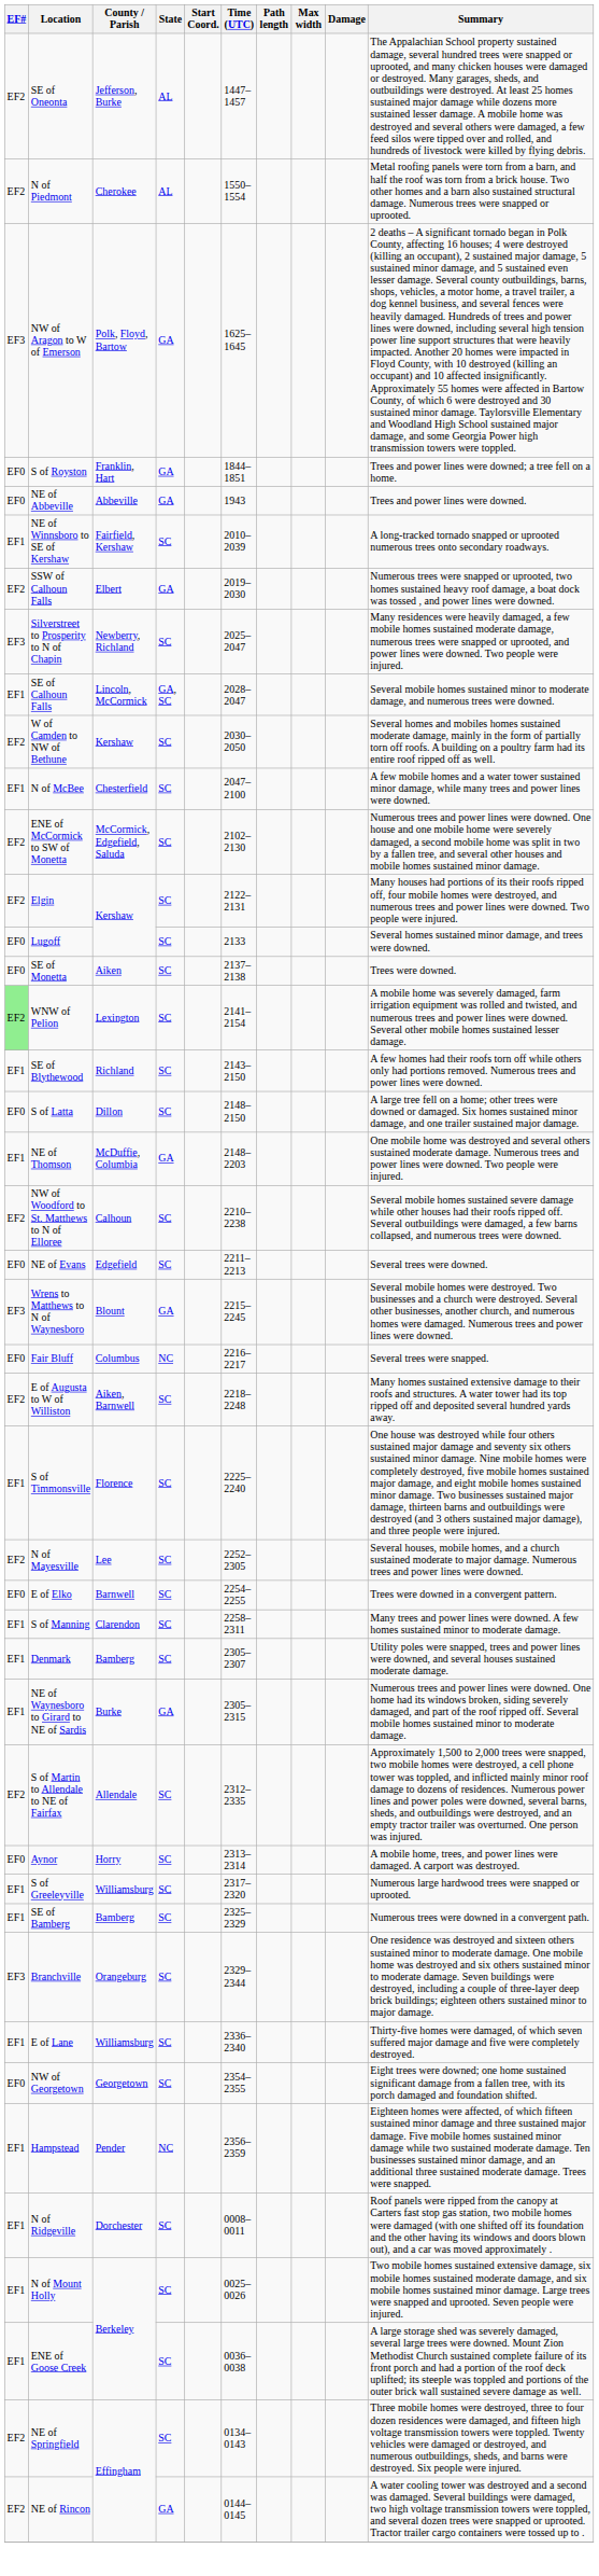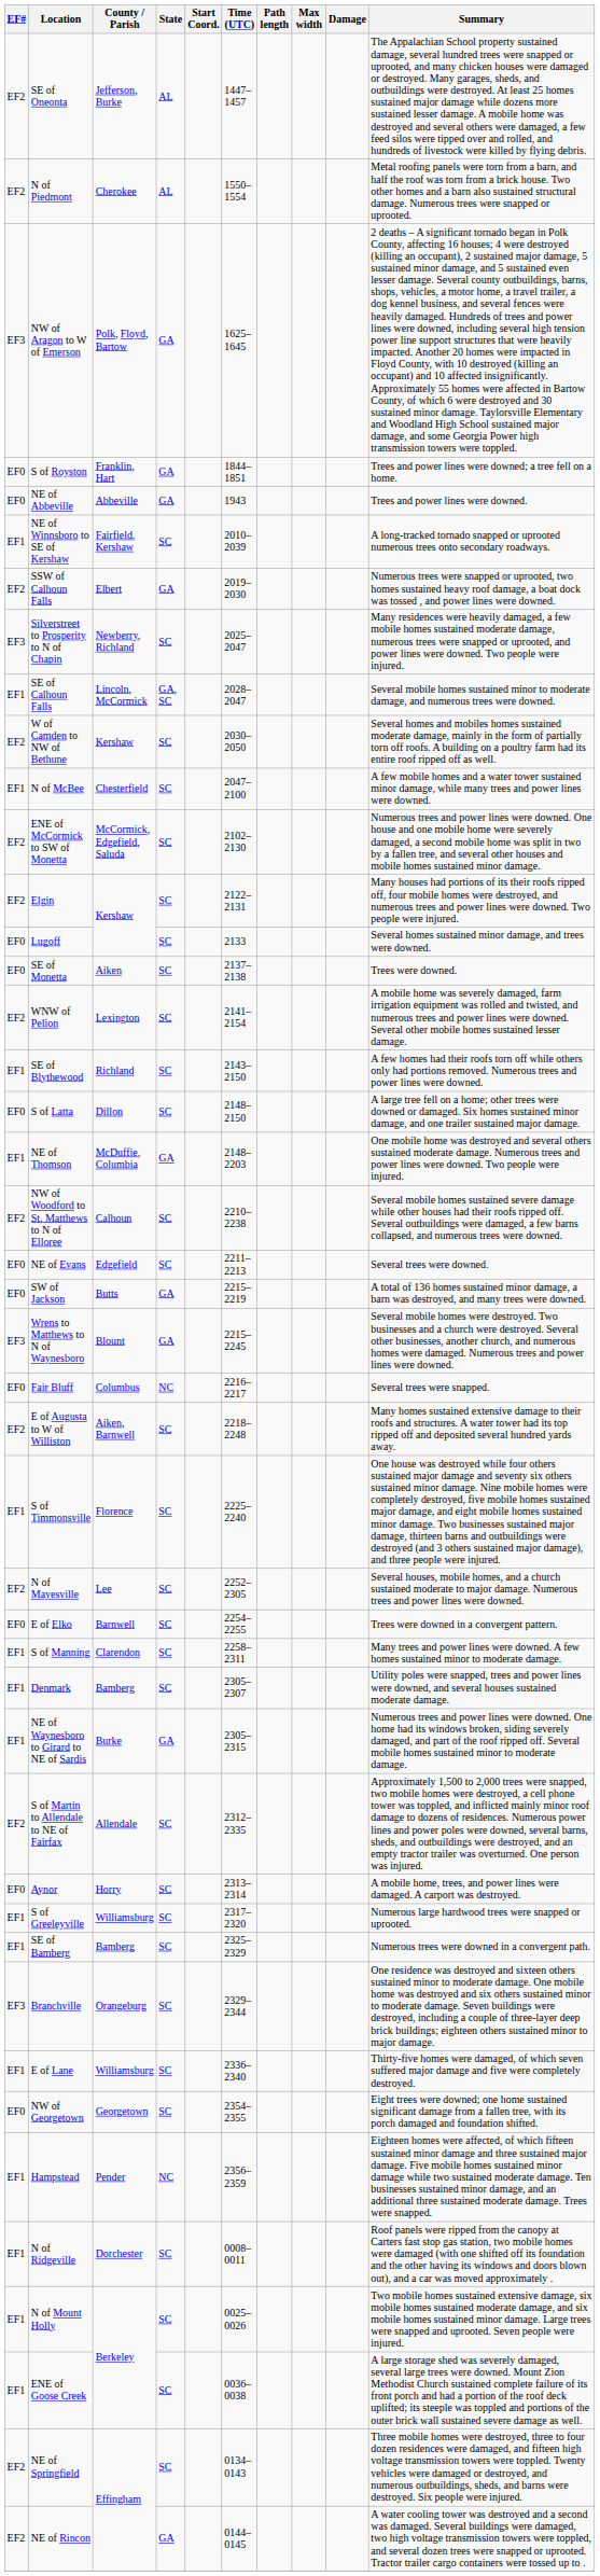 <table class="wikitable sortable" style="width:100%;">
 <tr>
 <th scope="col" width="3%" align="center"><a href='#'>EF#</a></th>
 <th scope="col" width="7%" align="center" class="unsortable">Location</th>
 <th scope="col" width="6%" align="center" class="unsortable">County / Parish</th>
 <th scope="col" width="5%" align="center">State</th>
 <th scope="col" width="6%" align="center">Start Coord.</th>
 <th scope="col" width="6%" align="center">Time (<a href='#'>UTC</a>)</th>
 <th scope="col" width="6%" align="center">Path length</th>
 <th scope="col" width="6%" align="center">Max width</th>
 <th scope="col" width="6%" align="center">Damage</th>
 <th scope="col" width="48%" class="unsortable" align="center">Summary</th>
 </tr>
 <tr>
 <td>EF2</td>
 <td>SE of <a href='#'>Oneonta</a></td>
 <td><a href='#'>Jefferson</a>, <a href='#'>Burke</a></td>
 <td><a href='#'>AL</a></td>
 <td></td>
 <td>1447–1457</td>
 <td></td>
 <td></td>
 <td></td>
 <td>The Appalachian School property sustained damage, several hundred trees were snapped or uprooted, and many chicken houses were damaged or destroyed. Many garages, sheds, and outbuildings were destroyed. At least 25 homes sustained major damage while dozens more sustained lesser damage. A mobile home was destroyed and several others were damaged, a few feed silos were tipped over and rolled, and hundreds of livestock were killed by flying debris.</td>
 </tr>
 <tr>
 <td>EF2</td>
 <td>N of <a href='#'>Piedmont</a></td>
 <td><a href='#'>Cherokee</a></td>
 <td><a href='#'>AL</a></td>
 <td></td>
 <td>1550–1554</td>
 <td></td>
 <td></td>
 <td></td>
 <td>Metal roofing panels were torn from a barn, and half the roof was torn from a brick house. Two other homes and a barn also sustained structural damage. Numerous trees were snapped or uprooted.</td>
 </tr>
 <tr>
 <td>EF3</td>
 <td>NW of <a href='#'>Aragon</a> to W of <a href='#'>Emerson</a></td>
 <td><a href='#'>Polk</a>, <a href='#'>Floyd</a>, <a href='#'>Bartow</a></td>
 <td><a href='#'>GA</a></td>
 <td></td>
 <td>1625–1645</td>
 <td></td>
 <td></td>
 <td></td>
 <td>2 deaths – A significant tornado began in Polk County, affecting 16 houses; 4 were destroyed (killing an occupant), 2 sustained major damage, 5 sustained minor damage, and 5 sustained even lesser damage. Several county outbuildings, barns, shops, vehicles, a motor home, a travel trailer, a dog kennel business, and several fences were heavily damaged. Hundreds of trees and power lines were downed, including several high tension power line support structures that were heavily impacted. Another 20 homes were impacted in Floyd County, with 10 destroyed (killing an occupant) and 10 affected insignificantly. Approximately 55 homes were affected in Bartow County, of which 6 were destroyed and 30 sustained minor damage. Taylorsville Elementary and Woodland High School sustained major damage, and some Georgia Power high transmission towers were toppled.</td>
 </tr>
 <tr>
 <td>EF0</td>
 <td>S of <a href='#'>Royston</a></td>
 <td><a href='#'>Franklin</a>, <a href='#'>Hart</a></td>
 <td><a href='#'>GA</a></td>
 <td></td>
 <td>1844–1851</td>
 <td></td>
 <td></td>
 <td></td>
 <td>Trees and power lines were downed; a tree fell on a home.</td>
 </tr>
 <tr>
 <td>EF0</td>
 <td>NE of <a href='#'>Abbeville</a></td>
 <td><a href='#'>Abbeville</a></td>
 <td><a href='#'>GA</a></td>
 <td></td>
 <td>1943</td>
 <td></td>
 <td></td>
 <td></td>
 <td>Trees and power lines were downed.</td>
 </tr>
 <tr>
 <td>EF1</td>
 <td>NE of <a href='#'>Winnsboro</a> to SE of <a href='#'>Kershaw</a></td>
 <td><a href='#'>Fairfield</a>, <a href='#'>Kershaw</a></td>
 <td><a href='#'>SC</a></td>
 <td></td>
 <td>2010–2039</td>
 <td></td>
 <td></td>
 <td></td>
 <td>A long-tracked tornado snapped or uprooted numerous trees onto secondary roadways.</td>
 </tr>
 <tr>
 <td>EF2</td>
 <td>SSW of <a href='#'>Calhoun Falls</a></td>
 <td><a href='#'>Elbert</a></td>
 <td><a href='#'>GA</a></td>
 <td></td>
 <td>2019–2030</td>
 <td></td>
 <td></td>
 <td></td>
 <td>Numerous trees were snapped or uprooted, two homes sustained heavy roof damage, a boat dock was tossed , and power lines were downed.</td>
 </tr>
 <tr>
 <td>EF3</td>
 <td><a href='#'>Silverstreet</a> to <a href='#'>Prosperity</a> to N of <a href='#'>Chapin</a></td>
 <td><a href='#'>Newberry</a>, <a href='#'>Richland</a></td>
 <td><a href='#'>SC</a></td>
 <td></td>
 <td>2025–2047</td>
 <td></td>
 <td></td>
 <td></td>
 <td>Many residences were heavily damaged, a few mobile homes sustained moderate damage, numerous trees were snapped or uprooted, and power lines were downed. Two people were injured.</td>
 </tr>
 <tr>
 <td>EF1</td>
 <td>SE of <a href='#'>Calhoun Falls</a></td>
 <td><a href='#'>Lincoln</a>, <a href='#'>McCormick</a></td>
 <td><a href='#'>GA</a>, <a href='#'>SC</a></td>
 <td></td>
 <td>2028–2047</td>
 <td></td>
 <td></td>
 <td></td>
 <td>Several mobile homes sustained minor to moderate damage, and numerous trees were downed.</td>
 </tr>
 <tr>
 <td>EF2</td>
 <td>W of <a href='#'>Camden</a> to NW of <a href='#'>Bethune</a></td>
 <td><a href='#'>Kershaw</a></td>
 <td><a href='#'>SC</a></td>
 <td></td>
 <td>2030–2050</td>
 <td></td>
 <td></td>
 <td></td>
 <td>Several homes and mobiles homes sustained moderate damage, mainly in the form of partially torn off roofs. A building on a poultry farm had its entire roof ripped off as well.</td>
 </tr>
 <tr>
 <td>EF1</td>
 <td>N of <a href='#'>McBee</a></td>
 <td><a href='#'>Chesterfield</a></td>
 <td><a href='#'>SC</a></td>
 <td></td>
 <td>2047–2100</td>
 <td></td>
 <td></td>
 <td></td>
 <td>A few mobile homes and a water tower sustained minor damage, while many trees and power lines were downed.</td>
 </tr>
 <tr>
 <td>EF2</td>
 <td>ENE of <a href='#'>McCormick</a> to SW of <a href='#'>Monetta</a></td>
 <td><a href='#'>McCormick</a>, <a href='#'>Edgefield</a>, <a href='#'>Saluda</a></td>
 <td><a href='#'>SC</a></td>
 <td></td>
 <td>2102–2130</td>
 <td></td>
 <td></td>
 <td></td>
 <td>Numerous trees and power lines were downed. One house and one mobile home were severely damaged, a second mobile home was split in two by a fallen tree, and several other houses and mobile homes sustained minor damage.</td>
 </tr>
 <tr>
 <td>EF2</td>
 <td><a href='#'>Elgin</a></td>
 <td rowspan="2"><a href='#'>Kershaw</a></td>
 <td><a href='#'>SC</a></td>
 <td></td>
 <td>2122–2131</td>
 <td></td>
 <td></td>
 <td></td>
 <td>Many houses had portions of its their roofs ripped off, four mobile homes were destroyed, and numerous trees and power lines were downed. Two people were injured.</td>
 </tr>
 <tr>
 <td>EF0</td>
 <td><a href='#'>Lugoff</a></td>
 <td><a href='#'>SC</a></td>
 <td></td>
 <td>2133</td>
 <td></td>
 <td></td>
 <td></td>
 <td>Several homes sustained minor damage, and trees were downed.</td>
 </tr>
 <tr>
 <td>EF0</td>
 <td>SE of <a href='#'>Monetta</a></td>
 <td><a href='#'>Aiken</a></td>
 <td><a href='#'>SC</a></td>
 <td></td>
 <td>2137–2138</td>
 <td></td>
 <td></td>
 <td></td>
 <td>Trees were downed.</td>
 </tr>
 <tr>
-<td style="background: lightgreen;">EF2</td>
+<td>EF2</td>
 <td>WNW of <a href='#'>Pelion</a></td>
 <td><a href='#'>Lexington</a></td>
 <td><a href='#'>SC</a></td>
 <td></td>
 <td>2141–2154</td>
 <td></td>
 <td></td>
 <td></td>
 <td>A mobile home was severely damaged, farm irrigation equipment was rolled and twisted, and numerous trees and power lines were downed. Several other mobile homes sustained lesser damage.</td>
 </tr>
 <tr>
 <td>EF1</td>
 <td>SE of <a href='#'>Blythewood</a></td>
 <td><a href='#'>Richland</a></td>
 <td><a href='#'>SC</a></td>
 <td></td>
 <td>2143–2150</td>
 <td></td>
 <td></td>
 <td></td>
 <td>A few homes had their roofs torn off while others only had portions removed. Numerous trees and power lines were downed.</td>
 </tr>
 <tr>
 <td>EF0</td>
 <td>S of <a href='#'>Latta</a></td>
 <td><a href='#'>Dillon</a></td>
 <td><a href='#'>SC</a></td>
 <td></td>
 <td>2148–2150</td>
 <td></td>
 <td></td>
 <td></td>
 <td>A large tree fell on a home; other trees were downed or damaged. Six homes sustained minor damage, and one trailer sustained major damage.</td>
 </tr>
 <tr>
 <td>EF1</td>
 <td>NE of <a href='#'>Thomson</a></td>
 <td><a href='#'>McDuffie</a>, <a href='#'>Columbia</a></td>
 <td><a href='#'>GA</a></td>
 <td></td>
 <td>2148–2203</td>
 <td></td>
 <td></td>
 <td></td>
 <td>One mobile home was destroyed and several others sustained moderate damage. Numerous trees and power lines were downed. Two people were injured.</td>
 </tr>
 <tr>
 <td>EF2</td>
 <td>NW of <a href='#'>Woodford</a> to <a href='#'>St. Matthews</a> to N of <a href='#'>Elloree</a></td>
 <td><a href='#'>Calhoun</a></td>
 <td><a href='#'>SC</a></td>
 <td></td>
 <td>2210–2238</td>
 <td></td>
 <td></td>
 <td></td>
 <td>Several mobile homes sustained severe damage while other houses had their roofs ripped off. Several outbuildings were damaged, a few barns collapsed, and numerous trees were downed.</td>
 </tr>
 <tr>
 <td>EF0</td>
 <td>NE of <a href='#'>Evans</a></td>
 <td><a href='#'>Edgefield</a></td>
 <td><a href='#'>SC</a></td>
 <td></td>
 <td>2211–2213</td>
 <td></td>
 <td></td>
 <td></td>
 <td>Several trees were downed.</td>
+</tr>
+<tr>
+<td>EF0</td>
+<td>SW of <a href='#'>Jackson</a></td>
+<td><a href='#'>Butts</a></td>
+<td><a href='#'>GA</a></td>
+<td></td>
+<td>2215–2219</td>
+<td></td>
+<td></td>
+<td></td>
+<td>A total of 136 homes sustained minor damage, a barn was destroyed, and many trees were downed.</td>
 </tr>
 <tr>
 <td>EF3</td>
 <td><a href='#'>Wrens</a> to <a href='#'>Matthews</a> to N of <a href='#'>Waynesboro</a></td>
 <td><a href='#'>Blount</a></td>
 <td><a href='#'>GA</a></td>
 <td></td>
 <td>2215–2245</td>
 <td></td>
 <td></td>
 <td></td>
 <td>Several mobile homes were destroyed. Two businesses and a church were destroyed. Several other businesses, another church, and numerous homes were damaged. Numerous trees and power lines were downed.</td>
 </tr>
 <tr>
 <td>EF0</td>
 <td><a href='#'>Fair Bluff</a></td>
 <td><a href='#'>Columbus</a></td>
 <td><a href='#'>NC</a></td>
 <td></td>
 <td>2216–2217</td>
 <td></td>
 <td></td>
 <td></td>
 <td>Several trees were snapped.</td>
 </tr>
 <tr>
 <td>EF2</td>
 <td>E of <a href='#'>Augusta</a> to W of <a href='#'>Williston</a></td>
 <td><a href='#'>Aiken</a>, <a href='#'>Barnwell</a></td>
 <td><a href='#'>SC</a></td>
 <td></td>
 <td>2218–2248</td>
 <td></td>
 <td></td>
 <td></td>
 <td>Many homes sustained extensive damage to their roofs and structures. A water tower had its top ripped off and deposited several hundred yards away.</td>
 </tr>
 <tr>
 <td>EF1</td>
 <td>S of <a href='#'>Timmonsville</a></td>
 <td><a href='#'>Florence</a></td>
 <td><a href='#'>SC</a></td>
 <td></td>
 <td>2225–2240</td>
 <td></td>
 <td></td>
 <td></td>
 <td>One house was destroyed while four others sustained major damage and seventy six others sustained minor damage. Nine mobile homes were completely destroyed, five mobile homes sustained major damage, and eight mobile homes sustained minor damage. Two businesses sustained major damage, thirteen barns and outbuildings were destroyed (and 3 others sustained major damage), and three people were injured.</td>
 </tr>
 <tr>
 <td>EF2</td>
 <td>N of <a href='#'>Mayesville</a></td>
 <td><a href='#'>Lee</a></td>
 <td><a href='#'>SC</a></td>
 <td></td>
 <td>2252–2305</td>
 <td></td>
 <td></td>
 <td></td>
 <td>Several houses, mobile homes, and a church sustained moderate to major damage. Numerous trees and power lines were downed.</td>
 </tr>
 <tr>
 <td>EF0</td>
 <td>E of <a href='#'>Elko</a></td>
 <td><a href='#'>Barnwell</a></td>
 <td><a href='#'>SC</a></td>
 <td></td>
 <td>2254–2255</td>
 <td></td>
 <td></td>
 <td></td>
 <td>Trees were downed in a convergent pattern.</td>
 </tr>
 <tr>
 <td>EF1</td>
 <td>S of <a href='#'>Manning</a></td>
 <td><a href='#'>Clarendon</a></td>
 <td><a href='#'>SC</a></td>
 <td></td>
 <td>2258–2311</td>
 <td></td>
 <td></td>
 <td></td>
 <td>Many trees and power lines were downed. A few homes sustained minor to moderate damage.</td>
 </tr>
 <tr>
 <td>EF1</td>
 <td><a href='#'>Denmark</a></td>
 <td><a href='#'>Bamberg</a></td>
 <td><a href='#'>SC</a></td>
 <td></td>
 <td>2305–2307</td>
 <td></td>
 <td></td>
 <td></td>
 <td>Utility poles were snapped, trees and power lines were downed, and several houses sustained moderate damage.</td>
 </tr>
 <tr>
 <td>EF1</td>
 <td>NE of <a href='#'>Waynesboro</a> to <a href='#'>Girard</a> to NE of <a href='#'>Sardis</a></td>
 <td><a href='#'>Burke</a></td>
 <td><a href='#'>GA</a></td>
 <td></td>
 <td>2305–2315</td>
 <td></td>
 <td></td>
 <td></td>
 <td>Numerous trees and power lines were downed. One home had its windows broken, siding severely damaged, and part of the roof ripped off. Several mobile homes sustained minor to moderate damage.</td>
 </tr>
 <tr>
 <td>EF2</td>
 <td>S of <a href='#'>Martin</a> to <a href='#'>Allendale</a> to NE of <a href='#'>Fairfax</a></td>
 <td><a href='#'>Allendale</a></td>
 <td><a href='#'>SC</a></td>
 <td></td>
 <td>2312–2335</td>
 <td></td>
 <td></td>
 <td></td>
 <td>Approximately 1,500 to 2,000 trees were snapped, two mobile homes were destroyed, a cell phone tower was toppled, and inflicted mainly minor roof damage to dozens of residences. Numerous power lines and power poles were downed, several barns, sheds, and outbuildings were destroyed, and an empty tractor trailer was overturned. One person was injured.</td>
 </tr>
 <tr>
 <td>EF0</td>
 <td><a href='#'>Aynor</a></td>
 <td><a href='#'>Horry</a></td>
 <td><a href='#'>SC</a></td>
 <td></td>
 <td>2313–2314</td>
 <td></td>
 <td></td>
 <td></td>
 <td>A mobile home, trees, and power lines were damaged. A carport was destroyed.</td>
 </tr>
 <tr>
 <td>EF1</td>
 <td>S of <a href='#'>Greeleyville</a></td>
 <td><a href='#'>Williamsburg</a></td>
 <td><a href='#'>SC</a></td>
 <td></td>
 <td>2317–2320</td>
 <td></td>
 <td></td>
 <td></td>
 <td>Numerous large hardwood trees were snapped or uprooted.</td>
 </tr>
 <tr>
 <td>EF1</td>
 <td>SE of <a href='#'>Bamberg</a></td>
 <td><a href='#'>Bamberg</a></td>
 <td><a href='#'>SC</a></td>
 <td></td>
 <td>2325–2329</td>
 <td></td>
 <td></td>
 <td></td>
 <td>Numerous trees were downed in a convergent path.</td>
 </tr>
 <tr>
 <td>EF3</td>
 <td><a href='#'>Branchville</a></td>
 <td><a href='#'>Orangeburg</a></td>
 <td><a href='#'>SC</a></td>
 <td></td>
 <td>2329–2344</td>
 <td></td>
 <td></td>
 <td></td>
 <td>One residence was destroyed and sixteen others sustained minor to moderate damage. One mobile home was destroyed and six others sustained minor to moderate damage. Seven buildings were destroyed, including a couple of three-layer deep brick buildings; eighteen others sustained minor to major damage.</td>
 </tr>
 <tr>
 <td>EF1</td>
 <td>E of <a href='#'>Lane</a></td>
 <td><a href='#'>Williamsburg</a></td>
 <td><a href='#'>SC</a></td>
 <td></td>
 <td>2336–2340</td>
 <td></td>
 <td></td>
 <td></td>
 <td>Thirty-five homes were damaged, of which seven suffered major damage and five were completely destroyed.</td>
 </tr>
 <tr>
 <td>EF0</td>
 <td>NW of <a href='#'>Georgetown</a></td>
 <td><a href='#'>Georgetown</a></td>
 <td><a href='#'>SC</a></td>
 <td></td>
 <td>2354–2355</td>
 <td></td>
 <td></td>
 <td></td>
 <td>Eight trees were downed; one home sustained significant damage from a fallen tree, with its porch damaged and foundation shifted.</td>
 </tr>
 <tr>
 <td>EF1</td>
 <td><a href='#'>Hampstead</a></td>
 <td><a href='#'>Pender</a></td>
 <td><a href='#'>NC</a></td>
 <td></td>
 <td>2356–2359</td>
 <td></td>
 <td></td>
 <td></td>
 <td>Eighteen homes were affected, of which fifteen sustained minor damage and three sustained major damage. Five mobile homes sustained minor damage while two sustained moderate damage. Ten businesses sustained minor damage, and an additional three sustained moderate damage. Trees were snapped.</td>
 </tr>
 <tr>
 <td>EF1</td>
 <td>N of <a href='#'>Ridgeville</a></td>
 <td><a href='#'>Dorchester</a></td>
 <td><a href='#'>SC</a></td>
 <td></td>
 <td>0008–0011</td>
 <td></td>
 <td></td>
 <td></td>
 <td>Roof panels were ripped from the canopy at Carters fast stop gas station, two mobile homes were damaged (with one shifted  off its foundation and the other having its windows and doors blown out), and a car was moved approximately .</td>
 </tr>
 <tr>
 <td>EF1</td>
 <td>N of <a href='#'>Mount Holly</a></td>
 <td rowspan="2"><a href='#'>Berkeley</a></td>
 <td><a href='#'>SC</a></td>
 <td></td>
 <td>0025–0026</td>
 <td></td>
 <td></td>
 <td></td>
 <td>Two mobile homes sustained extensive damage, six mobile homes sustained moderate damage, and six mobile homes sustained minor damage. Large trees were snapped and uprooted. Seven people were injured.</td>
 </tr>
 <tr>
 <td>EF1</td>
 <td>ENE of <a href='#'>Goose Creek</a></td>
 <td><a href='#'>SC</a></td>
 <td></td>
 <td>0036–0038</td>
 <td></td>
 <td></td>
 <td></td>
 <td>A large storage shed was severely damaged, several large trees were downed. Mount Zion Methodist Church sustained complete failure of its front porch and had a portion of the roof deck uplifted; its steeple was toppled and portions of the outer brick wall sustained severe damage as well.</td>
 </tr>
 <tr>
 <td>EF2</td>
 <td>NE of <a href='#'>Springfield</a></td>
 <td rowspan="2"><a href='#'>Effingham</a></td>
 <td><a href='#'>SC</a></td>
 <td></td>
 <td>0134–0143</td>
 <td></td>
 <td></td>
 <td></td>
 <td>Three mobile homes were destroyed, three to four dozen residences were damaged, and fifteen high voltage transmission towers were toppled. Twenty vehicles were damaged or destroyed, and numerous outbuildings, sheds, and barns were destroyed. Six people were injured.</td>
 </tr>
 <tr>
 <td>EF2</td>
 <td>NE of <a href='#'>Rincon</a></td>
 <td><a href='#'>GA</a></td>
 <td></td>
 <td>0144–0145</td>
 <td></td>
 <td></td>
 <td></td>
 <td>A water cooling tower was destroyed and a second was damaged. Several buildings were damaged, two high voltage transmission towers were toppled, and several dozen trees were snapped or uprooted. Tractor trailer cargo containers were tossed up to .</td>
 </tr>
 <tr>
 </tr>
 </table>
